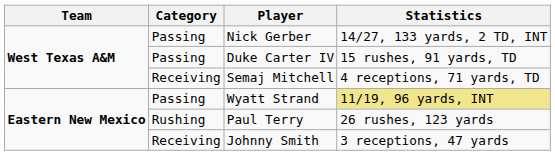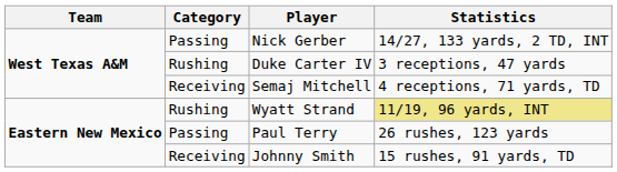 <table class="wikitable" style="float: left;">
 <tr>
 <th>Team</th>
 <th>Category</th>
 <th>Player</th>
 <th>Statistics</th>
 </tr>
 <tr>
 <td rowspan=3><strong>West Texas A&M</strong></td>
 <td>Passing</td>
 <td>Nick Gerber</td>
 <td>14/27, 133 yards, 2 TD, INT</td>
 </tr>
 <tr>
-<td>Passing</td>
+<td>Rushing</td>
 <td>Duke Carter IV</td>
-<td>15 rushes, 91 yards, TD</td>
+<td>3 receptions, 47 yards</td>
 </tr>
 <tr>
 <td>Receiving</td>
 <td>Semaj Mitchell</td>
 <td>4 receptions, 71 yards, TD</td>
 </tr>
 <tr>
 <td rowspan=3><strong>Eastern New Mexico</strong></td>
-<td>Passing</td>
+<td>Rushing</td>
 <td>Wyatt Strand</td>
 <td style="background: khaki;">11/19, 96 yards, INT</td>
 </tr>
 <tr>
-<td>Rushing</td>
+<td>Passing</td>
 <td>Paul Terry</td>
 <td>26 rushes, 123 yards</td>
 </tr>
 <tr>
 <td>Receiving</td>
 <td>Johnny Smith</td>
-<td>3 receptions, 47 yards</td>
+<td>15 rushes, 91 yards, TD</td>
 </tr>
 </table>
